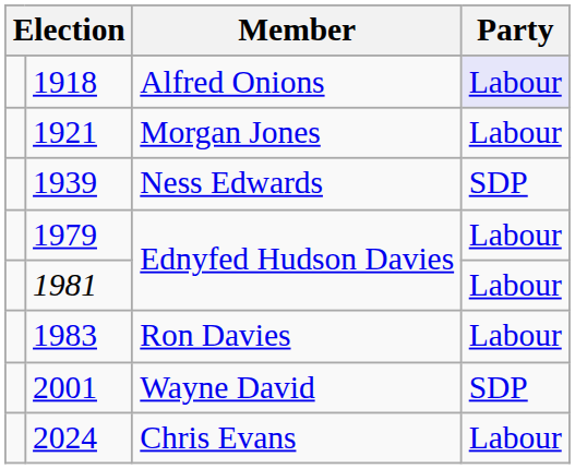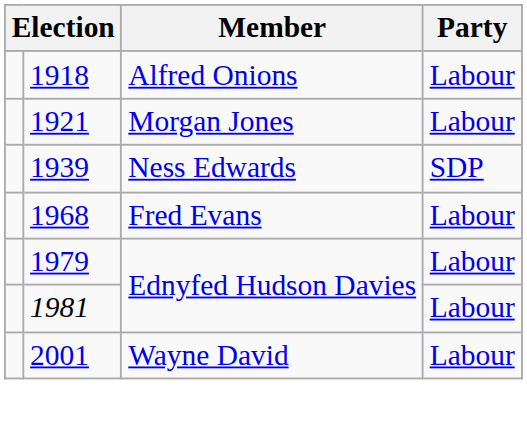 <table class="wikitable">
 <tr>
 <th colspan="2">Election</th>
 <th>Member</th>
 <th>Party</th>
 </tr>
 <tr>
 <td style="color:inherit;background-color: "></td>
 <td><a href='#'>1918</a></td>
 <td><a href='#'>Alfred Onions</a></td>
-<td style="background: lavender;"><a href='#'>Labour</a></td>
+<td><a href='#'>Labour</a></td>
 </tr>
 <tr>
 <td style="color:inherit;background-color: "></td>
 <td><a href='#'>1921</a></td>
 <td><a href='#'>Morgan Jones</a></td>
 <td><a href='#'>Labour</a></td>
 </tr>
 <tr>
 <td style="color:inherit;background-color: "></td>
 <td><a href='#'>1939</a></td>
 <td><a href='#'>Ness Edwards</a></td>
 <td><a href='#'>SDP</a></td>
 </tr>
 <tr>
 <td style="color:inherit;background-color: "></td>
+<td><a href='#'>1968</a></td>
+<td><a href='#'>Fred Evans</a></td>
+<td><a href='#'>Labour</a></td>
+</tr>
+<tr>
+<td style="color:inherit;background-color: "></td>
 <td><a href='#'>1979</a></td>
 <td rowspan="2"><a href='#'>Ednyfed Hudson Davies</a></td>
 <td><a href='#'>Labour</a></td>
 </tr>
 <tr>
 <td style="color:inherit;background-color: "></td>
 <td><em>1981</em></td>
 <td><a href='#'>Labour</a></td>
 </tr>
 <tr>
 <td style="color:inherit;background-color: "></td>
-<td><a href='#'>1983</a></td>
-<td><a href='#'>Ron Davies</a></td>
-<td><a href='#'>Labour</a></td>
-</tr>
-<tr>
-<td style="color:inherit;background-color: "></td>
 <td><a href='#'>2001</a></td>
 <td><a href='#'>Wayne David</a></td>
-<td><a href='#'>SDP</a></td>
-</tr>
-<tr>
-<td style="color:inherit;background-color: "></td>
-<td><a href='#'>2024</a></td>
-<td><a href='#'>Chris Evans</a></td>
 <td><a href='#'>Labour</a></td>
 </tr>
 </table>
